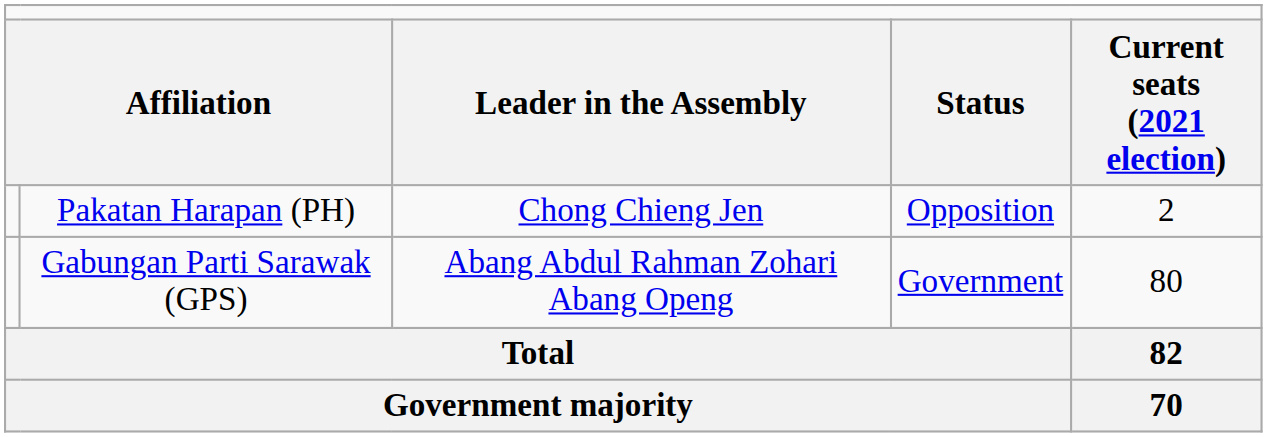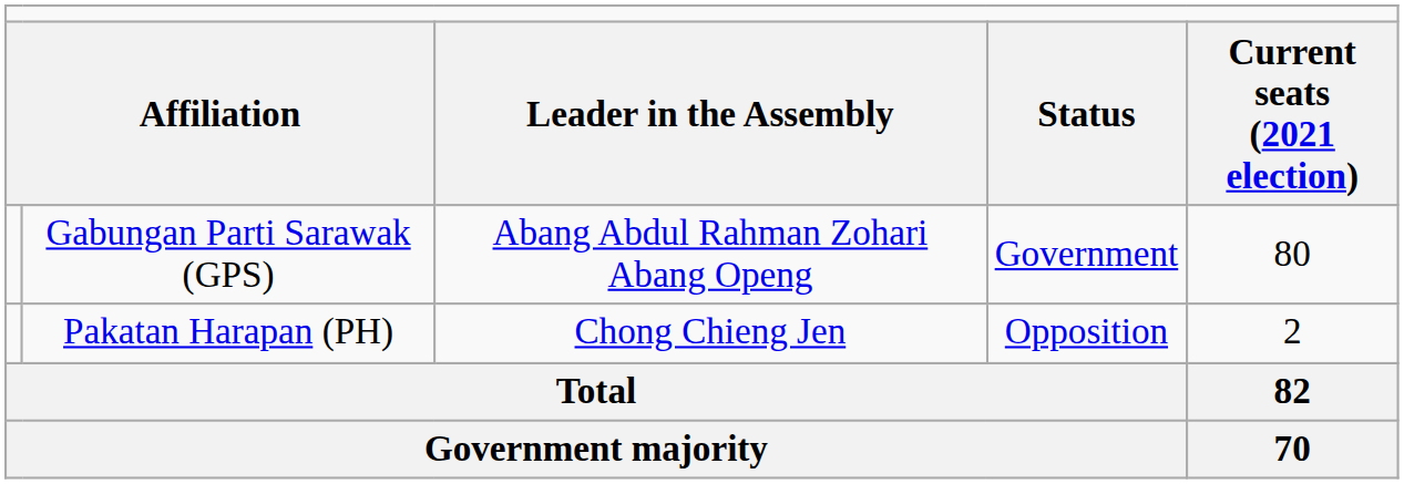 <table class="wikitable" style="text-align:center;">
 <tr>
 <td colspan=5></td>
 </tr>
 <tr>
 <th colspan="2">Affiliation</th>
 <th>Leader in the Assembly</th>
 <th>Status</th>
 <th>Current seats <br> (<a href='#'>2021<br>election</a>)</th>
 </tr>
 <tr>
 <td style="background:"></td>
+<td><a href='#'>Gabungan Parti Sarawak</a> (GPS)</td>
+<td><a href='#'>Abang Abdul Rahman Zohari Abang Openg</a></td>
+<td><a href='#'>Government</a></td>
+<td>80</td>
+</tr>
+<tr>
+<td style="background:"></td>
 <td><a href='#'>Pakatan Harapan</a> (PH)</td>
 <td><a href='#'>Chong Chieng Jen</a></td>
 <td><a href='#'>Opposition</a></td>
 <td>2</td>
-</tr>
-<tr>
-<td style="background:"></td>
-<td><a href='#'>Gabungan Parti Sarawak</a> (GPS)</td>
-<td><a href='#'>Abang Abdul Rahman Zohari Abang Openg</a></td>
-<td><a href='#'>Government</a></td>
-<td>80</td>
 </tr>
 <tr>
 <th colspan="4">Total</th>
 <th>82</th>
 </tr>
 <tr>
 <th colspan="4">Government majority</th>
 <th>70</th>
 </tr>
 </table>
